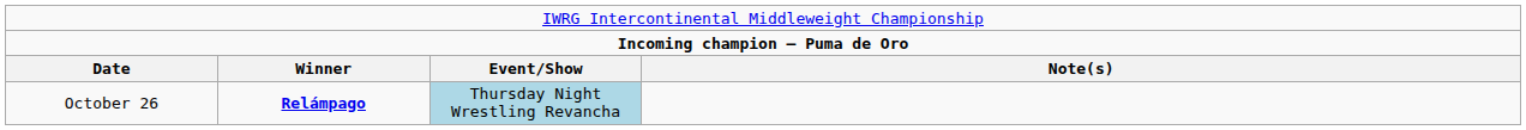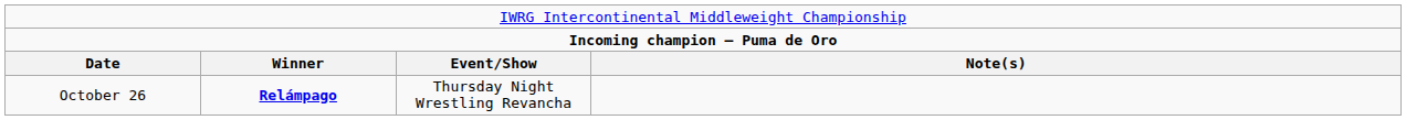 <table class="wikitable" style="text-align:center; width:100%;">
 <tr>
 <td colspan="5" style="text-align: center;"><a href='#'>IWRG Intercontinental Middleweight Championship</a></td>
 </tr>
 <tr>
 <td colspan="5" style="text-align: center;"><strong>Incoming champion – Puma de Oro</strong></td>
 </tr>
 <tr>
 <th width=14%>Date</th>
 <th width=14%>Winner</th>
 <th width=14%>Event/Show</th>
 <th width=58%>Note(s)</th>
 </tr>
 <tr>
 <td>October 26</td>
 <td><strong><a href='#'>Relámpago</a></strong></td>
-<td style="background: lightblue;">Thursday Night Wrestling Revancha</td>
+<td>Thursday Night Wrestling Revancha</td>
 <td></td>
 </tr>
 </table>
